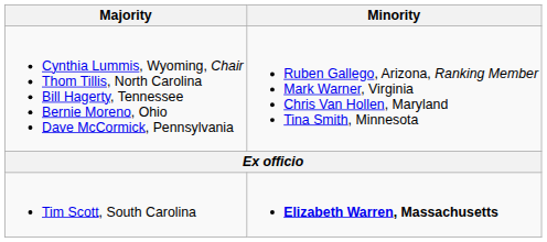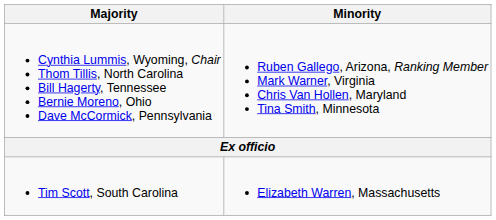 <table class=wikitable>
 <tr>
 <th>Majority</th>
 <th>Minority</th>
 </tr>
 <tr>
 <td><br><ul><li><a href='#'>Cynthia Lummis</a>, Wyoming, <em>Chair</em></li><li><a href='#'>Thom Tillis</a>, North Carolina</li><li><a href='#'>Bill Hagerty</a>, Tennessee</li><li><a href='#'>Bernie Moreno</a>, Ohio</li><li><a href='#'>Dave McCormick</a>, Pennsylvania</li></ul></td>
 <td><br><ul><li><a href='#'>Ruben Gallego</a>, Arizona, <em>Ranking Member</em></li><li><a href='#'>Mark Warner</a>, Virginia</li><li><a href='#'>Chris Van Hollen</a>, Maryland</li><li><a href='#'>Tina Smith</a>, Minnesota</li></ul></td>
 </tr>
 <tr>
 <th colspan=2><em>Ex officio</em></th>
 </tr>
 <tr>
 <td><br><ul><li><a href='#'>Tim Scott</a>, South Carolina</li></ul></td>
-<td><strong><br><ul><li><a href='#'>Elizabeth Warren</a>, Massachusetts</li></ul></strong></td>
+<td><br><ul><li><a href='#'>Elizabeth Warren</a>, Massachusetts</li></ul></td>
 </tr>
 </table>
